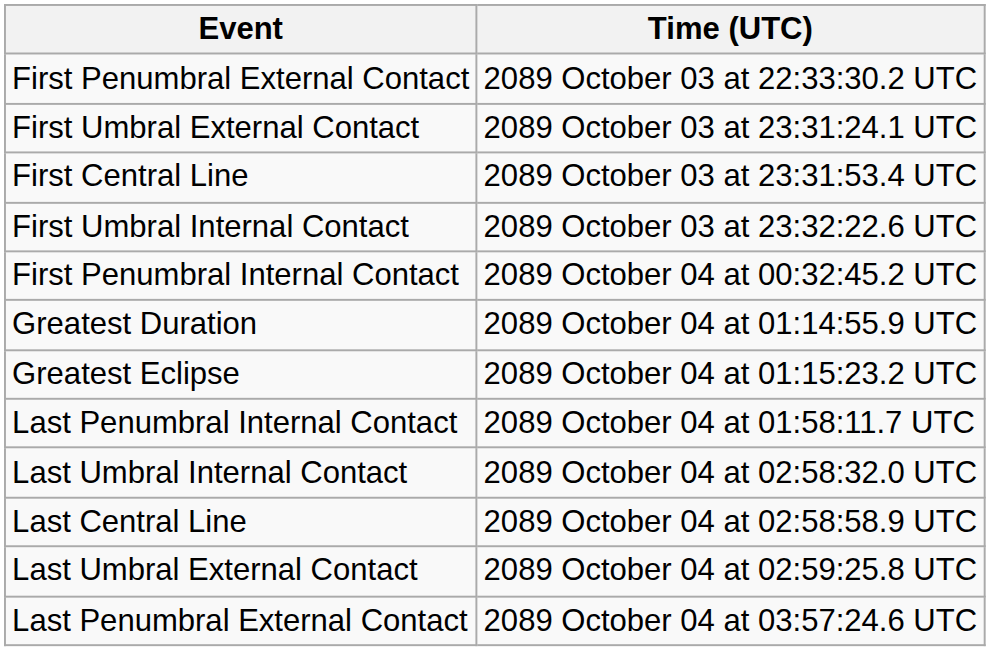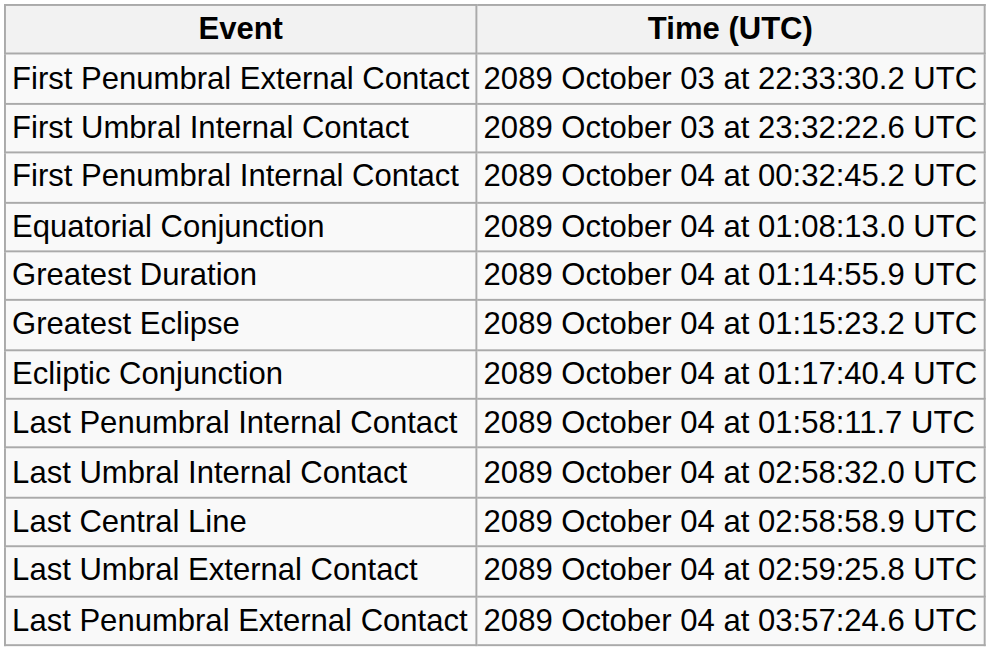 <table class="wikitable">
 <tr>
 <th>Event</th>
 <th>Time (UTC)</th>
 </tr>
 <tr>
 <td>First Penumbral External Contact</td>
 <td>2089 October 03 at 22:33:30.2 UTC</td>
 </tr>
 <tr>
-<td>First Umbral External Contact</td>
-<td>2089 October 03 at 23:31:24.1 UTC</td>
-</tr>
-<tr>
-<td>First Central Line</td>
-<td>2089 October 03 at 23:31:53.4 UTC</td>
-</tr>
-<tr>
 <td>First Umbral Internal Contact</td>
 <td>2089 October 03 at 23:32:22.6 UTC</td>
 </tr>
 <tr>
 <td>First Penumbral Internal Contact</td>
 <td>2089 October 04 at 00:32:45.2 UTC</td>
 </tr>
 <tr>
+<td>Equatorial Conjunction</td>
+<td>2089 October 04 at 01:08:13.0 UTC</td>
+</tr>
+<tr>
 <td>Greatest Duration</td>
 <td>2089 October 04 at 01:14:55.9 UTC</td>
 </tr>
 <tr>
 <td>Greatest Eclipse</td>
 <td>2089 October 04 at 01:15:23.2 UTC</td>
+</tr>
+<tr>
+<td>Ecliptic Conjunction</td>
+<td>2089 October 04 at 01:17:40.4 UTC</td>
 </tr>
 <tr>
 <td>Last Penumbral Internal Contact</td>
 <td>2089 October 04 at 01:58:11.7 UTC</td>
 </tr>
 <tr>
 <td>Last Umbral Internal Contact</td>
 <td>2089 October 04 at 02:58:32.0 UTC</td>
 </tr>
 <tr>
 <td>Last Central Line</td>
 <td>2089 October 04 at 02:58:58.9 UTC</td>
 </tr>
 <tr>
 <td>Last Umbral External Contact</td>
 <td>2089 October 04 at 02:59:25.8 UTC</td>
 </tr>
 <tr>
 <td>Last Penumbral External Contact</td>
 <td>2089 October 04 at 03:57:24.6 UTC</td>
 </tr>
 </table>
